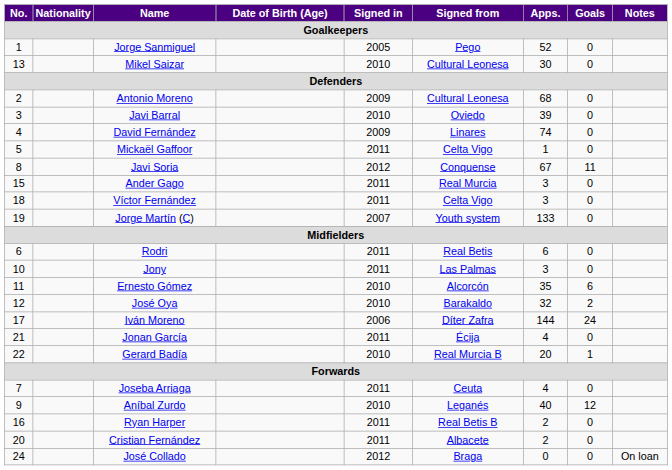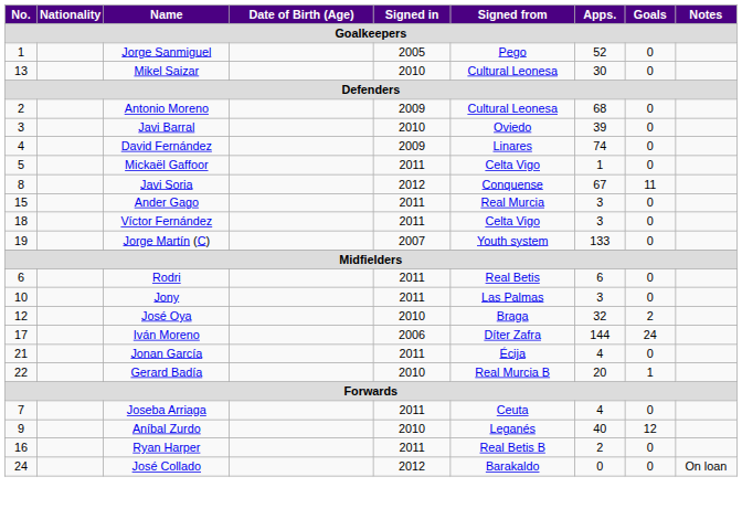 <table class="wikitable"  style="text-align:center; font-size:90%; width:70%;">
 <tr>
 <th style="background:#4B0082; color:white;">No.</th>
 <th style="background:#4B0082; color:white;" width=55;>Nationality</th>
 <th style="background:#4B0082; color:white;">Name</th>
 <th style="background:#4B0082; color:white;">Date of Birth (Age)</th>
 <th style="background:#4B0082; color:white;">Signed in</th>
 <th style="background:#4B0082; color:white;">Signed from</th>
 <th style="background:#4B0082; color:white;">Apps.</th>
 <th style="background:#4B0082; color:white;">Goals</th>
 <th style="background:#4B0082; color:white;">Notes</th>
 </tr>
 <tr>
 <th colspan="9" style="background:#DCDCDC;">Goalkeepers</th>
 </tr>
 <tr>
 <td>1</td>
 <td></td>
 <td><a href='#'>Jorge Sanmiguel</a></td>
 <td></td>
 <td>2005</td>
 <td><a href='#'>Pego</a></td>
 <td>52</td>
 <td>0</td>
 <td></td>
 </tr>
 <tr>
 <td>13</td>
 <td></td>
 <td><a href='#'>Mikel Saizar</a></td>
 <td></td>
 <td>2010</td>
 <td><a href='#'>Cultural Leonesa</a></td>
 <td>30</td>
 <td>0</td>
 <td></td>
 </tr>
 <tr>
 <th colspan="9" style="background:#DCDCDC;">Defenders</th>
 </tr>
 <tr>
 <td>2</td>
 <td></td>
 <td><a href='#'>Antonio Moreno</a></td>
 <td></td>
 <td>2009</td>
 <td><a href='#'>Cultural Leonesa</a></td>
 <td>68</td>
 <td>0</td>
 <td></td>
 </tr>
 <tr>
 <td>3</td>
 <td></td>
 <td><a href='#'>Javi Barral</a></td>
 <td></td>
 <td>2010</td>
 <td><a href='#'>Oviedo</a></td>
 <td>39</td>
 <td>0</td>
 <td></td>
 </tr>
 <tr>
 <td>4</td>
 <td></td>
 <td><a href='#'>David Fernández</a></td>
 <td></td>
 <td>2009</td>
 <td><a href='#'>Linares</a></td>
 <td>74</td>
 <td>0</td>
 <td></td>
 </tr>
 <tr>
 <td>5</td>
 <td></td>
 <td><a href='#'>Mickaël Gaffoor</a></td>
 <td></td>
 <td>2011</td>
 <td><a href='#'>Celta Vigo</a></td>
 <td>1</td>
 <td>0</td>
 <td></td>
 </tr>
 <tr>
 <td>8</td>
 <td></td>
 <td><a href='#'>Javi Soria</a></td>
 <td></td>
 <td>2012</td>
 <td><a href='#'>Conquense</a></td>
 <td>67</td>
 <td>11</td>
 <td></td>
 </tr>
 <tr>
 <td>15</td>
 <td></td>
 <td><a href='#'>Ander Gago</a></td>
 <td></td>
 <td>2011</td>
 <td><a href='#'>Real Murcia</a></td>
 <td>3</td>
 <td>0</td>
 <td></td>
 </tr>
 <tr>
 <td>18</td>
 <td></td>
 <td><a href='#'>Víctor Fernández</a></td>
 <td></td>
 <td>2011</td>
 <td><a href='#'>Celta Vigo</a></td>
 <td>3</td>
 <td>0</td>
 <td></td>
 </tr>
 <tr>
 <td>19</td>
 <td></td>
 <td><a href='#'>Jorge Martín</a> (<a href='#'>C</a>)</td>
 <td></td>
 <td>2007</td>
 <td><a href='#'>Youth system</a></td>
 <td>133</td>
 <td>0</td>
 <td></td>
 </tr>
 <tr>
 <th colspan="9" style="background:#DCDCDC;">Midfielders</th>
 </tr>
 <tr>
 <td>6</td>
 <td></td>
 <td><a href='#'>Rodri</a></td>
 <td></td>
 <td>2011</td>
 <td><a href='#'>Real Betis</a></td>
 <td>6</td>
 <td>0</td>
 <td></td>
 </tr>
 <tr>
 <td>10</td>
 <td></td>
 <td><a href='#'>Jony</a></td>
 <td></td>
 <td>2011</td>
 <td><a href='#'>Las Palmas</a></td>
 <td>3</td>
 <td>0</td>
 <td></td>
 </tr>
 <tr>
-<td>11</td>
-<td></td>
-<td><a href='#'>Ernesto Gómez</a></td>
-<td></td>
-<td>2010</td>
-<td><a href='#'>Alcorcón</a></td>
-<td>35</td>
-<td>6</td>
-<td></td>
-</tr>
-<tr>
 <td>12</td>
 <td></td>
 <td><a href='#'>José Oya</a></td>
 <td></td>
 <td>2010</td>
-<td><a href='#'>Barakaldo</a></td>
+<td> <a href='#'>Braga</a></td>
 <td>32</td>
 <td>2</td>
 <td></td>
 </tr>
 <tr>
 <td>17</td>
 <td></td>
 <td><a href='#'>Iván Moreno</a></td>
 <td></td>
 <td>2006</td>
 <td><a href='#'>Díter Zafra</a></td>
 <td>144</td>
 <td>24</td>
 <td></td>
 </tr>
 <tr>
 <td>21</td>
 <td></td>
 <td><a href='#'>Jonan García</a></td>
 <td></td>
 <td>2011</td>
 <td><a href='#'>Écija</a></td>
 <td>4</td>
 <td>0</td>
 <td></td>
 </tr>
 <tr>
 <td>22</td>
 <td></td>
 <td><a href='#'>Gerard Badía</a></td>
 <td></td>
 <td>2010</td>
 <td><a href='#'>Real Murcia B</a></td>
 <td>20</td>
 <td>1</td>
 <td></td>
 </tr>
 <tr>
 <th colspan="9" style="background:#DCDCDC;">Forwards</th>
 </tr>
 <tr>
 <td>7</td>
 <td></td>
 <td><a href='#'>Joseba Arriaga</a></td>
 <td></td>
 <td>2011</td>
 <td><a href='#'>Ceuta</a></td>
 <td>4</td>
 <td>0</td>
 <td></td>
 </tr>
 <tr>
 <td>9</td>
 <td></td>
 <td><a href='#'>Aníbal Zurdo</a></td>
 <td></td>
 <td>2010</td>
 <td><a href='#'>Leganés</a></td>
 <td>40</td>
 <td>12</td>
 <td></td>
 </tr>
 <tr>
 <td>16</td>
 <td></td>
 <td><a href='#'>Ryan Harper</a></td>
 <td></td>
 <td>2011</td>
 <td><a href='#'>Real Betis B</a></td>
 <td>2</td>
 <td>0</td>
 <td></td>
 </tr>
 <tr>
-<td>20</td>
-<td></td>
-<td><a href='#'>Cristian Fernández</a></td>
-<td></td>
-<td>2011</td>
-<td><a href='#'>Albacete</a></td>
-<td>2</td>
-<td>0</td>
-<td></td>
-</tr>
-<tr>
 <td>24</td>
 <td></td>
 <td><a href='#'>José Collado</a></td>
 <td></td>
 <td>2012</td>
-<td> <a href='#'>Braga</a></td>
+<td><a href='#'>Barakaldo</a></td>
 <td>0</td>
 <td>0</td>
 <td>On loan</td>
 </tr>
 </table>
